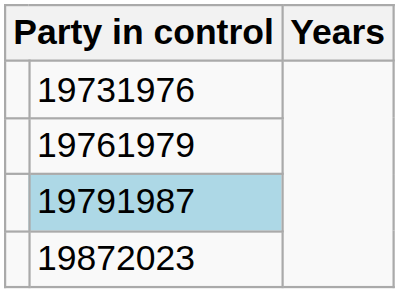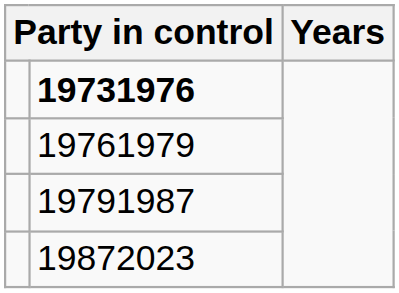 <table class="wikitable">
 <tr>
 <th colspan="2">Party in control</th>
 <th>Years</th>
 </tr>
 <tr>
 <td></td>
-<td>19731976</td>
+<td><strong>19731976</strong></td>
 </tr>
 <tr>
 <td></td>
 <td>19761979</td>
 </tr>
 <tr>
 <td></td>
-<td style="background: lightblue;">19791987</td>
+<td>19791987</td>
 </tr>
 <tr>
 <td></td>
 <td>19872023</td>
 </tr>
 </table>
